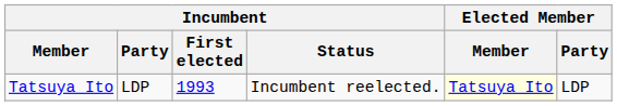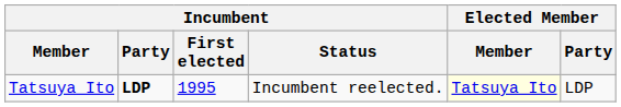 <table class="wikitable sortable">
 <tr>
 <th colspan=4>Incumbent</th>
 <th colspan=2>Elected Member</th>
 </tr>
 <tr>
 <th>Member</th>
 <th>Party</th>
 <th>First<br>elected</th>
 <th>Status</th>
 <th>Member</th>
 <th>Party</th>
 </tr>
 <tr>
 <td><a href='#'>Tatsuya Ito</a></td>
-<td>LDP</td>
-<td><a href='#'>1993</a></td>
+<td><strong>LDP</strong></td>
+<td><a href='#'>1995</a></td>
 <td>Incumbent reelected.</td>
 <td style="background: lightyellow;"><a href='#'>Tatsuya Ito</a></td>
 <td>LDP</td>
 </tr>
 </table>
